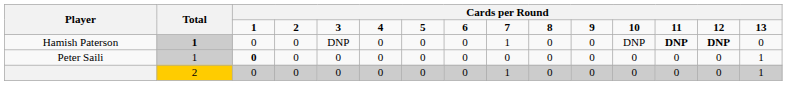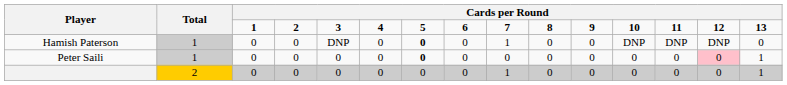 <table class="wikitable" style="text-align:center; line-height: 90%; font-size:90%;" width=80%>
 <tr>
 <th rowspan=2 width=18%>Player</th>
 <th rowspan=2 width=9%>Total</th>
 <th colspan=13>Cards per Round</th>
 </tr>
 <tr>
 <td width=5%><strong>1</strong></td>
 <td width=5%><strong>2</strong></td>
 <td width=5%><strong>3</strong></td>
 <td width=5%><strong>4</strong></td>
 <td width=5%><strong>5</strong></td>
 <td width=5%><strong>6</strong></td>
 <td width=5%><strong>7</strong></td>
 <td width=5%><strong>8</strong></td>
 <td width=5%><strong>9</strong></td>
 <td width=5%><strong>10</strong></td>
 <td width=5%><strong>11</strong></td>
 <td width=5%><strong>12</strong></td>
 <td width=5%><strong>13</strong></td>
 </tr>
 <tr>
 <td>Hamish Paterson</td>
-<td bgcolor=#cccccc><strong>1</strong></td>
+<td bgcolor=#cccccc>1</td>
 <td>0</td>
 <td>0</td>
 <td>DNP</td>
 <td>0</td>
-<td>0</td>
+<td><strong>0</strong></td>
 <td>0</td>
 <td>1</td>
 <td>0</td>
 <td>0</td>
 <td>DNP</td>
-<td><strong>DNP</strong></td>
-<td><strong>DNP</strong></td>
+<td>DNP</td>
+<td>DNP</td>
 <td>0</td>
 </tr>
 <tr>
 <td>Peter Saili</td>
 <td bgcolor=#cccccc>1</td>
+<td>0</td>
+<td>0</td>
+<td>0</td>
+<td>0</td>
 <td><strong>0</strong></td>
 <td>0</td>
 <td>0</td>
 <td>0</td>
 <td>0</td>
 <td>0</td>
 <td>0</td>
-<td>0</td>
-<td>0</td>
-<td>0</td>
-<td>0</td>
-<td>0</td>
+<td style="background: pink;">0</td>
 <td>1</td>
 </tr>
 <tr>
 <th></th>
 <td bgcolor=#ffcc00>2</td>
 <td bgcolor=#cccccc>0</td>
 <td bgcolor=#cccccc>0</td>
 <td bgcolor=#cccccc>0</td>
 <td bgcolor=#cccccc>0</td>
 <td bgcolor=#cccccc>0</td>
 <td bgcolor=#cccccc>0</td>
 <td bgcolor=#cccccc>1</td>
 <td bgcolor=#cccccc>0</td>
 <td bgcolor=#cccccc>0</td>
 <td bgcolor=#cccccc>0</td>
 <td bgcolor=#cccccc>0</td>
 <td bgcolor=#cccccc>0</td>
 <td bgcolor=#cccccc>1</td>
 </tr>
 </table>
